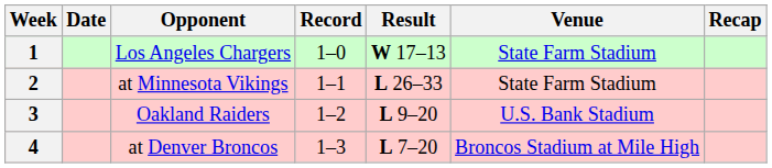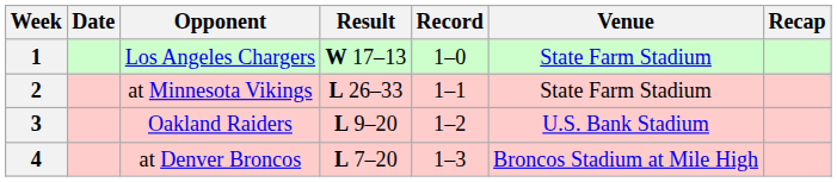 <table class="wikitable" style="text-align:center">
 <tr>
 <th>Week</th>
 <th>Date</th>
 <th>Opponent</th>
+<th>Result</th>
 <th>Record</th>
-<th>Result</th>
 <th>Venue</th>
 <th>Recap</th>
 </tr>
 <tr style="background:#cfc">
 <th>1</th>
 <td></td>
 <td><a href='#'>Los Angeles Chargers</a></td>
+<td><strong>W</strong> 17–13</td>
 <td>1–0</td>
-<td><strong>W</strong> 17–13</td>
 <td><a href='#'>State Farm Stadium</a></td>
 <td></td>
 </tr>
 <tr style="background:#fcc">
 <th>2</th>
 <td></td>
 <td>at <a href='#'>Minnesota Vikings</a></td>
+<td><strong>L</strong> 26–33</td>
 <td>1–1</td>
-<td><strong>L</strong> 26–33</td>
 <td>State Farm Stadium</td>
 <td></td>
 </tr>
 <tr style="background:#fcc">
 <th>3</th>
 <td></td>
 <td><a href='#'>Oakland Raiders</a></td>
+<td><strong>L</strong> 9–20</td>
 <td>1–2</td>
-<td><strong>L</strong> 9–20</td>
 <td><a href='#'>U.S. Bank Stadium</a></td>
 <td></td>
 </tr>
 <tr style="background:#fcc">
 <th>4</th>
 <td></td>
 <td>at <a href='#'>Denver Broncos</a></td>
+<td><strong>L</strong> 7–20</td>
 <td>1–3</td>
-<td><strong>L</strong> 7–20</td>
 <td><a href='#'>Broncos Stadium at Mile High</a> </td>
 <td></td>
 </tr>
 </table>
